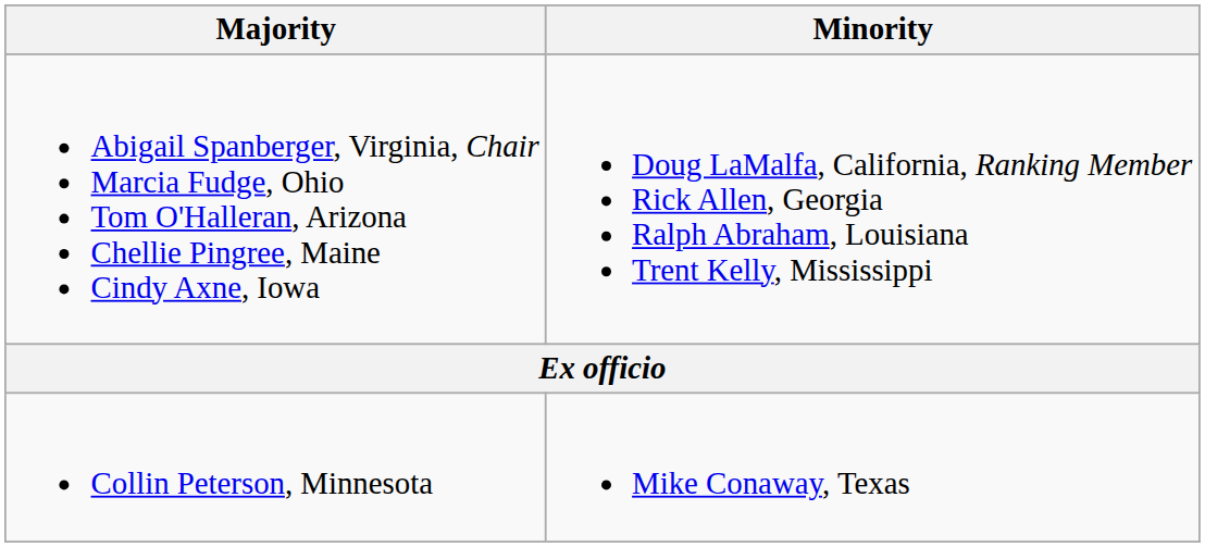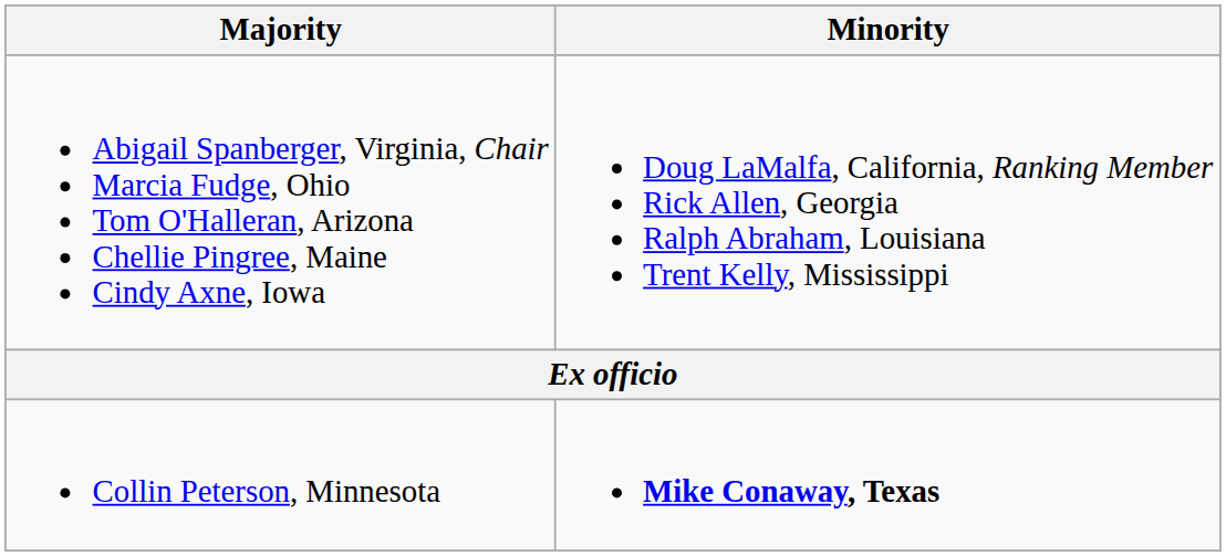 <table class=wikitable>
 <tr>
 <th>Majority</th>
 <th>Minority</th>
 </tr>
 <tr>
 <td><br><ul><li><a href='#'>Abigail Spanberger</a>, Virginia, <em>Chair</em></li><li><a href='#'>Marcia Fudge</a>, Ohio</li><li><a href='#'>Tom O'Halleran</a>, Arizona</li><li><a href='#'>Chellie Pingree</a>, Maine</li><li><a href='#'>Cindy Axne</a>, Iowa</li></ul></td>
 <td><br><ul><li><a href='#'>Doug LaMalfa</a>, California, <em>Ranking Member</em></li><li><a href='#'>Rick Allen</a>, Georgia</li><li><a href='#'>Ralph Abraham</a>, Louisiana</li><li><a href='#'>Trent Kelly</a>, Mississippi</li></ul></td>
 </tr>
 <tr>
 <th colspan=2><em>Ex officio</em></th>
 </tr>
 <tr>
 <td><br><ul><li><a href='#'>Collin Peterson</a>, Minnesota</li></ul></td>
-<td><br><ul><li><a href='#'>Mike Conaway</a>, Texas</li></ul></td>
+<td><strong><br><ul><li><a href='#'>Mike Conaway</a>, Texas</li></ul></strong></td>
 </tr>
 </table>
